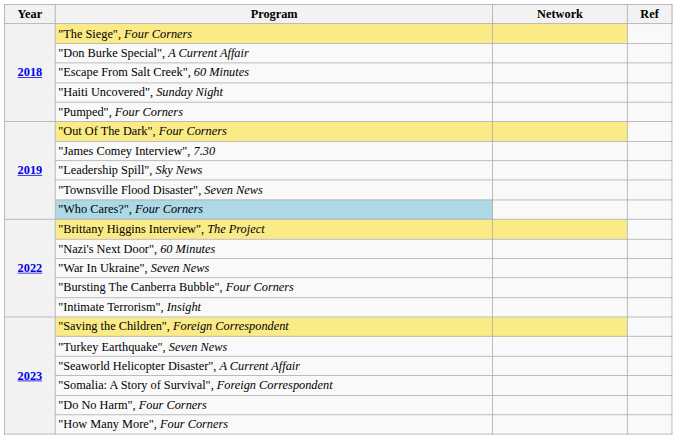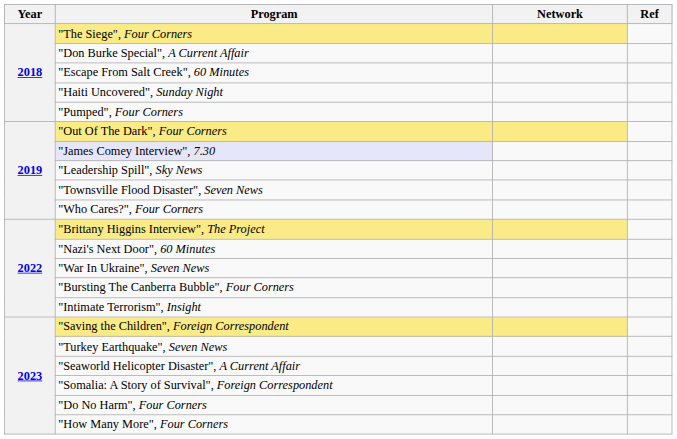 <table class="wikitable sortable">
 <tr style="background:#bebebe;">
 <th scope="col" style="width:1%;">Year</th>
 <th scope="col" style="width:16%;">Program</th>
 <th scope="col" style="width:4%;">Network</th>
 <th scope="col" style="width:1%;" class="unsortable">Ref</th>
 </tr>
 <tr>
 <th scope="row" rowspan="5" style="text-align:center"><a href='#'>2018</a></th>
 <td style="background:#FAEB86">"The Siege", <em>Four Corners</em></td>
 <td style="background:#FAEB86"></td>
 <td></td>
 </tr>
 <tr>
 <td>"Don Burke Special", <em>A Current Affair</em></td>
 <td></td>
 <td></td>
 </tr>
 <tr>
 <td>"Escape From Salt Creek", <em>60 Minutes</em></td>
 <td></td>
 <td></td>
 </tr>
 <tr>
 <td>"Haiti Uncovered", <em>Sunday Night</em></td>
 <td></td>
 <td></td>
 </tr>
 <tr>
 <td>"Pumped", <em>Four Corners</em></td>
 <td></td>
 <td></td>
 </tr>
 <tr>
 <th scope="row" rowspan="5" style="text-align:center"><a href='#'>2019</a></th>
 <td style="background:#FAEB86">"Out Of The Dark", <em>Four Corners</em></td>
 <td style="background:#FAEB86"></td>
 <td></td>
 </tr>
 <tr>
-<td>"James Comey Interview", <em>7.30</em></td>
+<td style="background: lavender;">"James Comey Interview", <em>7.30</em></td>
 <td></td>
 <td></td>
 </tr>
 <tr>
 <td>"Leadership Spill", <em>Sky News</em></td>
 <td></td>
 <td></td>
 </tr>
 <tr>
 <td>"Townsville Flood Disaster", <em>Seven News</em></td>
 <td></td>
 <td></td>
 </tr>
 <tr>
-<td style="background: lightblue;">"Who Cares?", <em>Four Corners</em></td>
+<td>"Who Cares?", <em>Four Corners</em></td>
 <td></td>
 <td></td>
 </tr>
 <tr>
 <th scope="row" rowspan="5" style="text-align:center"><a href='#'>2022</a></th>
 <td style="background:#FAEB86">"Brittany Higgins Interview", <em>The Project</em></td>
 <td style="background:#FAEB86"></td>
 <td></td>
 </tr>
 <tr>
 <td>"Nazi's Next Door", <em>60 Minutes</em></td>
 <td></td>
 <td></td>
 </tr>
 <tr>
 <td>"War In Ukraine", <em>Seven News</em></td>
 <td></td>
 <td></td>
 </tr>
 <tr>
 <td>"Bursting The Canberra Bubble", <em>Four Corners</em></td>
 <td></td>
 <td></td>
 </tr>
 <tr>
 <td>"Intimate Terrorism", <em>Insight</em></td>
 <td></td>
 <td></td>
 </tr>
 <tr>
 <th rowspan="6"><a href='#'>2023</a></th>
 <td style="background:#FAEB86">"Saving the Children", <em>Foreign Correspondent</em></td>
 <td style="background:#FAEB86"></td>
 <td></td>
 </tr>
 <tr>
 <td>"Turkey Earthquake", <em>Seven News</em></td>
 <td></td>
 <td></td>
 </tr>
 <tr>
 <td>"Seaworld Helicopter Disaster", <em>A Current Affair</em></td>
 <td></td>
 <td></td>
 </tr>
 <tr>
 <td>"Somalia: A Story of Survival", <em>Foreign Correspondent</em></td>
 <td></td>
 <td></td>
 </tr>
 <tr>
 <td>"Do No Harm", <em>Four Corners</em></td>
 <td></td>
 <td></td>
 </tr>
 <tr>
 <td>"How Many More", <em>Four Corners</em></td>
 <td></td>
 <td></td>
 </tr>
 </table>
